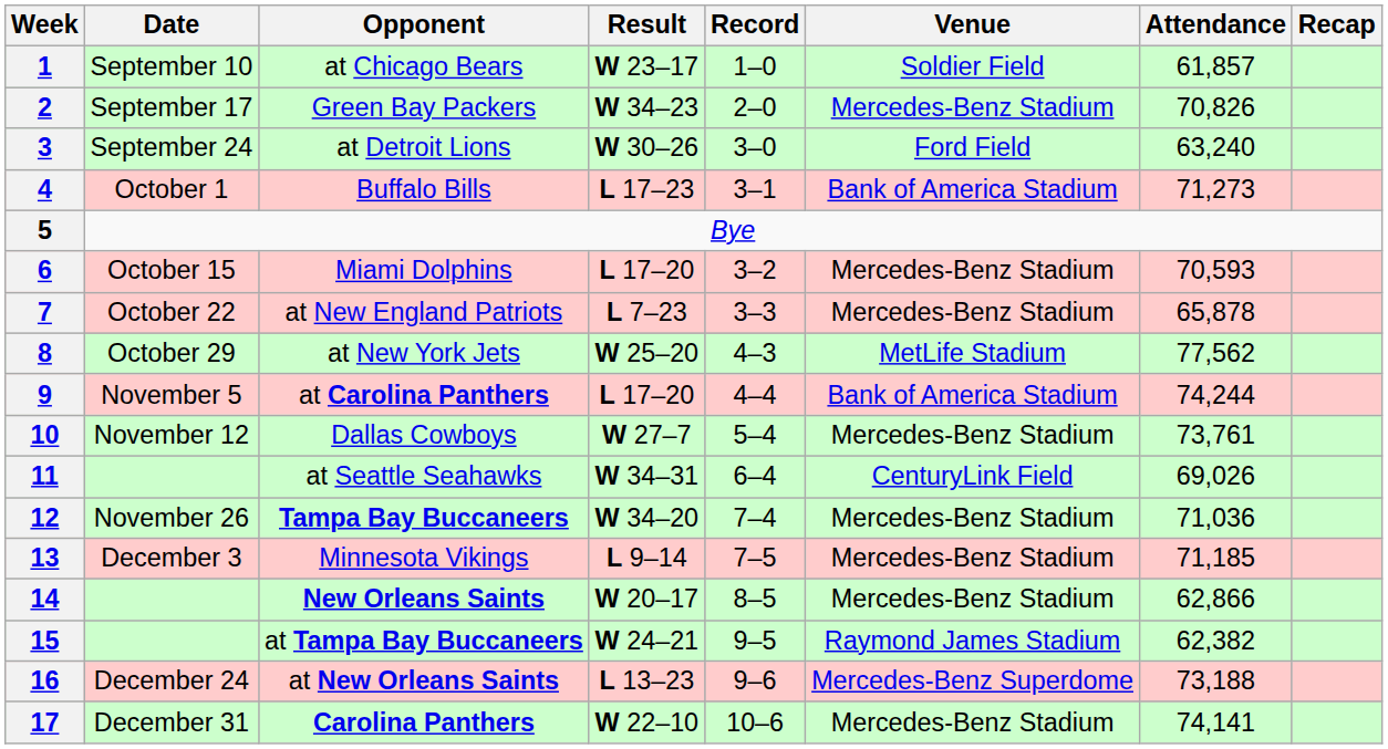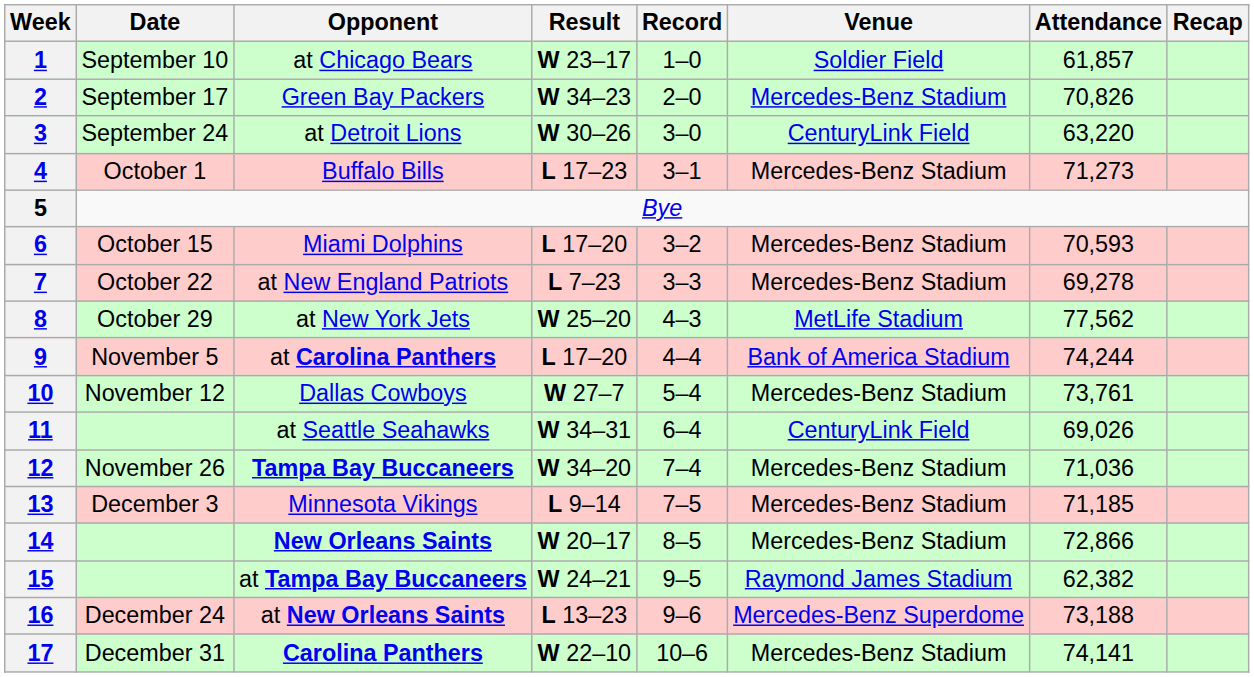 <table class="wikitable" style="text-align:center">
 <tr>
 <th>Week</th>
 <th>Date</th>
 <th>Opponent</th>
 <th>Result</th>
 <th>Record</th>
 <th>Venue</th>
 <th>Attendance</th>
 <th>Recap</th>
 </tr>
 <tr style="background:#cfc">
 <th><a href='#'>1</a></th>
 <td>September 10</td>
 <td>at <a href='#'>Chicago Bears</a></td>
 <td><strong>W</strong> 23–17</td>
 <td>1–0</td>
 <td><a href='#'>Soldier Field</a></td>
 <td>61,857</td>
 <td></td>
 </tr>
 <tr style="background:#cfc">
 <th><a href='#'>2</a></th>
 <td>September 17</td>
 <td><a href='#'>Green Bay Packers</a></td>
 <td><strong>W</strong> 34–23</td>
 <td>2–0</td>
 <td><a href='#'>Mercedes-Benz Stadium</a></td>
 <td>70,826</td>
 <td></td>
 </tr>
 <tr style="background:#cfc">
 <th><a href='#'>3</a></th>
 <td>September 24</td>
 <td>at <a href='#'>Detroit Lions</a></td>
 <td><strong>W</strong> 30–26</td>
 <td>3–0</td>
-<td><a href='#'>Ford Field</a></td>
-<td>63,240</td>
+<td><a href='#'>CenturyLink Field</a></td>
+<td>63,220</td>
 <td></td>
 </tr>
 <tr style="background:#fcc">
 <th><a href='#'>4</a></th>
 <td>October 1</td>
 <td><a href='#'>Buffalo Bills</a></td>
 <td><strong>L</strong> 17–23</td>
 <td>3–1</td>
-<td><a href='#'>Bank of America Stadium</a></td>
+<td>Mercedes-Benz Stadium</td>
 <td>71,273</td>
 <td></td>
 </tr>
 <tr>
 <th>5</th>
 <td colspan=7><em><a href='#'>Bye</a></em></td>
 </tr>
 <tr style="background:#fcc">
 <th><a href='#'>6</a></th>
 <td>October 15</td>
 <td><a href='#'>Miami Dolphins</a></td>
 <td><strong>L</strong> 17–20</td>
 <td>3–2</td>
 <td>Mercedes-Benz Stadium</td>
 <td>70,593</td>
 <td></td>
 </tr>
 <tr style="background:#fcc">
 <th><a href='#'>7</a></th>
 <td>October 22</td>
 <td>at <a href='#'>New England Patriots</a></td>
 <td><strong>L</strong> 7–23</td>
 <td>3–3</td>
 <td>Mercedes-Benz Stadium</td>
-<td>65,878</td>
+<td>69,278</td>
 <td></td>
 </tr>
 <tr style="background:#cfc">
 <th><a href='#'>8</a></th>
 <td>October 29</td>
 <td>at <a href='#'>New York Jets</a></td>
 <td><strong>W</strong> 25–20</td>
 <td>4–3</td>
 <td><a href='#'>MetLife Stadium</a></td>
 <td>77,562</td>
 <td></td>
 </tr>
 <tr style="background:#fcc">
 <th><a href='#'>9</a></th>
 <td>November 5</td>
 <td>at <strong><a href='#'>Carolina Panthers</a></strong></td>
 <td><strong>L</strong> 17–20</td>
 <td>4–4</td>
 <td><a href='#'>Bank of America Stadium</a></td>
 <td>74,244</td>
 <td></td>
 </tr>
 <tr style="background:#cfc">
 <th><a href='#'>10</a></th>
 <td>November 12</td>
 <td><a href='#'>Dallas Cowboys</a></td>
 <td><strong>W</strong> 27–7</td>
 <td>5–4</td>
 <td>Mercedes-Benz Stadium</td>
 <td>73,761</td>
 <td></td>
 </tr>
 <tr style="background:#cfc">
 <th><a href='#'>11</a></th>
 <td></td>
 <td>at <a href='#'>Seattle Seahawks</a></td>
 <td><strong>W</strong> 34–31</td>
 <td>6–4</td>
 <td><a href='#'>CenturyLink Field</a></td>
 <td>69,026</td>
 <td></td>
 </tr>
 <tr style="background:#cfc">
 <th><a href='#'>12</a></th>
 <td>November 26</td>
 <td><strong><a href='#'>Tampa Bay Buccaneers</a></strong></td>
 <td><strong>W</strong> 34–20</td>
 <td>7–4</td>
 <td>Mercedes-Benz Stadium</td>
 <td>71,036</td>
 <td></td>
 </tr>
 <tr style="background:#fcc">
 <th><a href='#'>13</a></th>
 <td>December 3</td>
 <td><a href='#'>Minnesota Vikings</a></td>
 <td><strong>L</strong> 9–14</td>
 <td>7–5</td>
 <td>Mercedes-Benz Stadium</td>
 <td>71,185</td>
 <td></td>
 </tr>
 <tr style="background:#cfc">
 <th><a href='#'>14</a></th>
 <td></td>
 <td><strong><a href='#'>New Orleans Saints</a></strong></td>
 <td><strong>W</strong> 20–17</td>
 <td>8–5</td>
 <td>Mercedes-Benz Stadium</td>
-<td>62,866</td>
+<td>72,866</td>
 <td></td>
 </tr>
 <tr style="background:#cfc">
 <th><a href='#'>15</a></th>
 <td></td>
 <td>at <strong><a href='#'>Tampa Bay Buccaneers</a></strong></td>
 <td><strong>W</strong> 24–21</td>
 <td>9–5</td>
 <td><a href='#'>Raymond James Stadium</a></td>
 <td>62,382</td>
 <td></td>
 </tr>
 <tr style="background:#fcc">
 <th><a href='#'>16</a></th>
 <td>December 24</td>
 <td>at <strong><a href='#'>New Orleans Saints</a></strong></td>
 <td><strong>L</strong> 13–23</td>
 <td>9–6</td>
 <td><a href='#'>Mercedes-Benz Superdome</a></td>
 <td>73,188</td>
 <td></td>
 </tr>
 <tr style="background:#cfc">
 <th><a href='#'>17</a></th>
 <td>December 31</td>
 <td><strong><a href='#'>Carolina Panthers</a></strong></td>
 <td><strong>W</strong> 22–10</td>
 <td>10–6</td>
 <td>Mercedes-Benz Stadium</td>
 <td>74,141</td>
 <td></td>
 </tr>
 </table>
